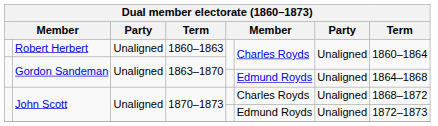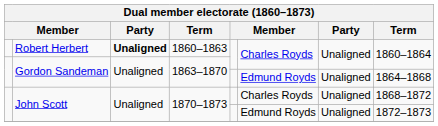 <table class="wikitable">
 <tr>
 <th colspan="8">Dual member electorate (1860–1873)</th>
 </tr>
 <tr>
 <th colspan="2">Member</th>
 <th>Party</th>
 <th>Term</th>
 <th colspan="2">Member</th>
 <th>Party</th>
 <th>Term</th>
 </tr>
 <tr>
 <td> </td>
 <td><a href='#'>Robert Herbert</a></td>
-<td>Unaligned</td>
+<td><strong>Unaligned</strong></td>
 <td>1860–1863</td>
 <td rowspan="2"> <br> </td>
 <td rowspan="2"><a href='#'>Charles Royds</a></td>
 <td rowspan="2">Unaligned</td>
 <td rowspan="2">1860–1864</td>
 </tr>
 <tr>
 <td rowspan="3"> </td>
 <td rowspan="3"><a href='#'>Gordon Sandeman</a></td>
 <td rowspan="3">Unaligned</td>
 <td rowspan="3">1863–1870</td>
 </tr>
 <tr>
 <td> </td>
 <td><a href='#'>Edmund Royds</a></td>
 <td>Unaligned</td>
 <td>1864–1868</td>
 </tr>
 <tr>
 <td rowspan="2"> </td>
 <td rowspan="2">Charles Royds</td>
 <td rowspan="2">Unaligned</td>
 <td rowspan="2">1868–1872</td>
 </tr>
 <tr>
 <td rowspan="2"> </td>
 <td rowspan="2"><a href='#'>John Scott</a></td>
 <td rowspan="2">Unaligned</td>
 <td rowspan="2">1870–1873</td>
 </tr>
 <tr>
 <td> </td>
 <td>Edmund Royds</td>
 <td>Unaligned</td>
 <td>1872–1873</td>
 </tr>
 <tr>
 </tr>
 </table>
